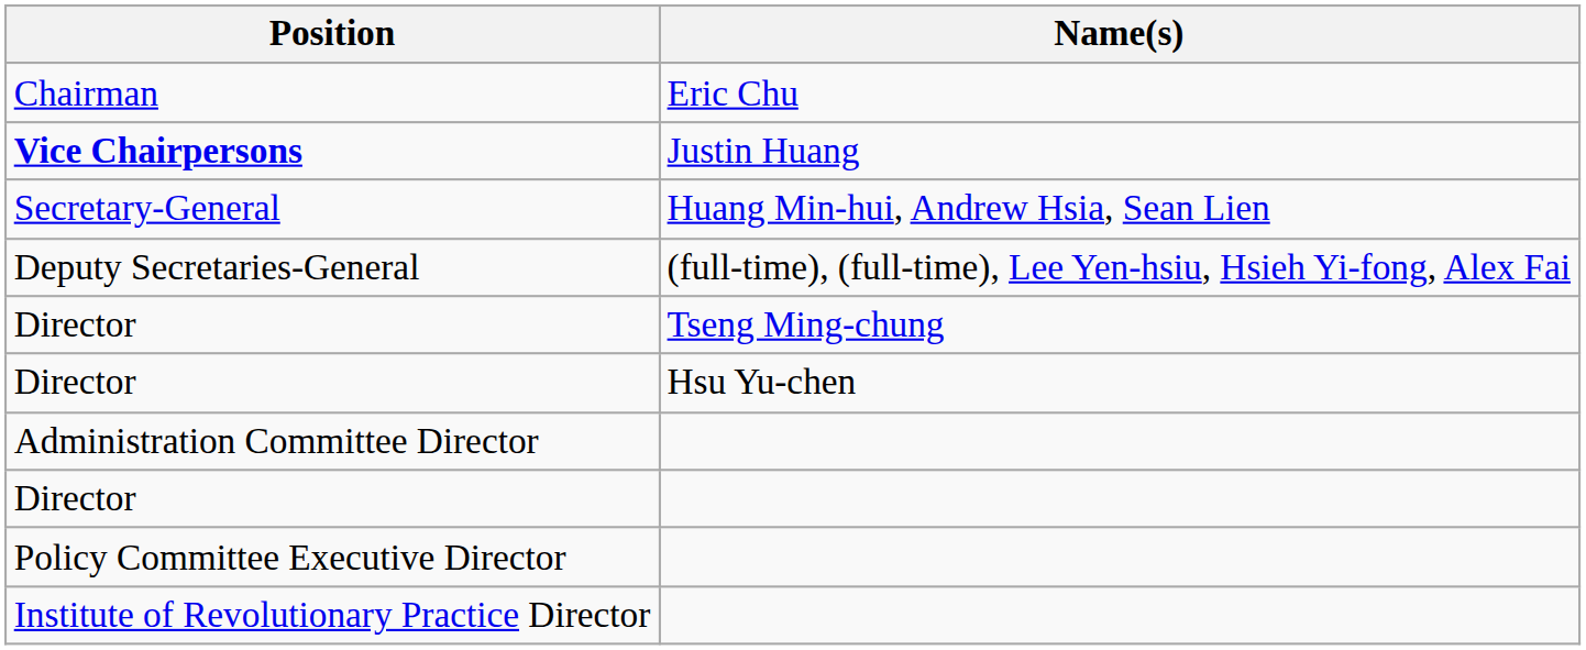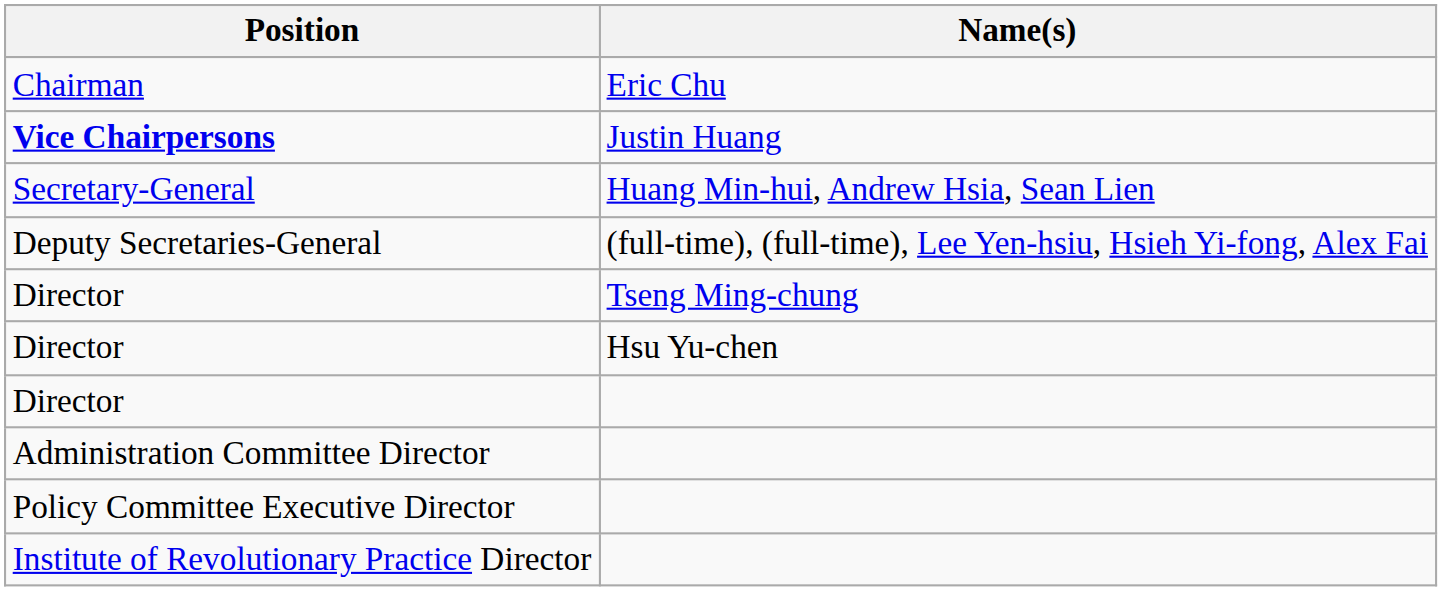 <table class="wikitable">
 <tr>
 <th>Position</th>
 <th>Name(s)</th>
 </tr>
 <tr>
 <td><a href='#'>Chairman</a></td>
 <td><a href='#'>Eric Chu</a></td>
 </tr>
 <tr>
 <td><strong><a href='#'>Vice Chairpersons</a></strong></td>
 <td><a href='#'>Justin Huang</a></td>
 </tr>
 <tr>
 <td><a href='#'>Secretary-General</a></td>
 <td><a href='#'>Huang Min-hui</a>, <a href='#'>Andrew Hsia</a>, <a href='#'>Sean Lien</a></td>
 </tr>
 <tr>
 <td>Deputy Secretaries-General</td>
 <td> (full-time),  (full-time), <a href='#'>Lee Yen-hsiu</a>, <a href='#'>Hsieh Yi-fong</a>, <a href='#'>Alex Fai</a></td>
 </tr>
 <tr>
 <td> Director</td>
 <td><a href='#'>Tseng Ming-chung</a></td>
 </tr>
 <tr>
 <td> Director</td>
 <td>Hsu Yu-chen</td>
 </tr>
 <tr>
-<td>Administration Committee Director</td>
+<td> Director</td>
 <td></td>
 </tr>
 <tr>
-<td> Director</td>
+<td>Administration Committee Director</td>
 <td></td>
 </tr>
 <tr>
 <td>Policy Committee Executive Director</td>
 <td></td>
 </tr>
 <tr>
 <td><a href='#'>Institute of Revolutionary Practice</a> Director</td>
 <td></td>
 </tr>
 </table>
